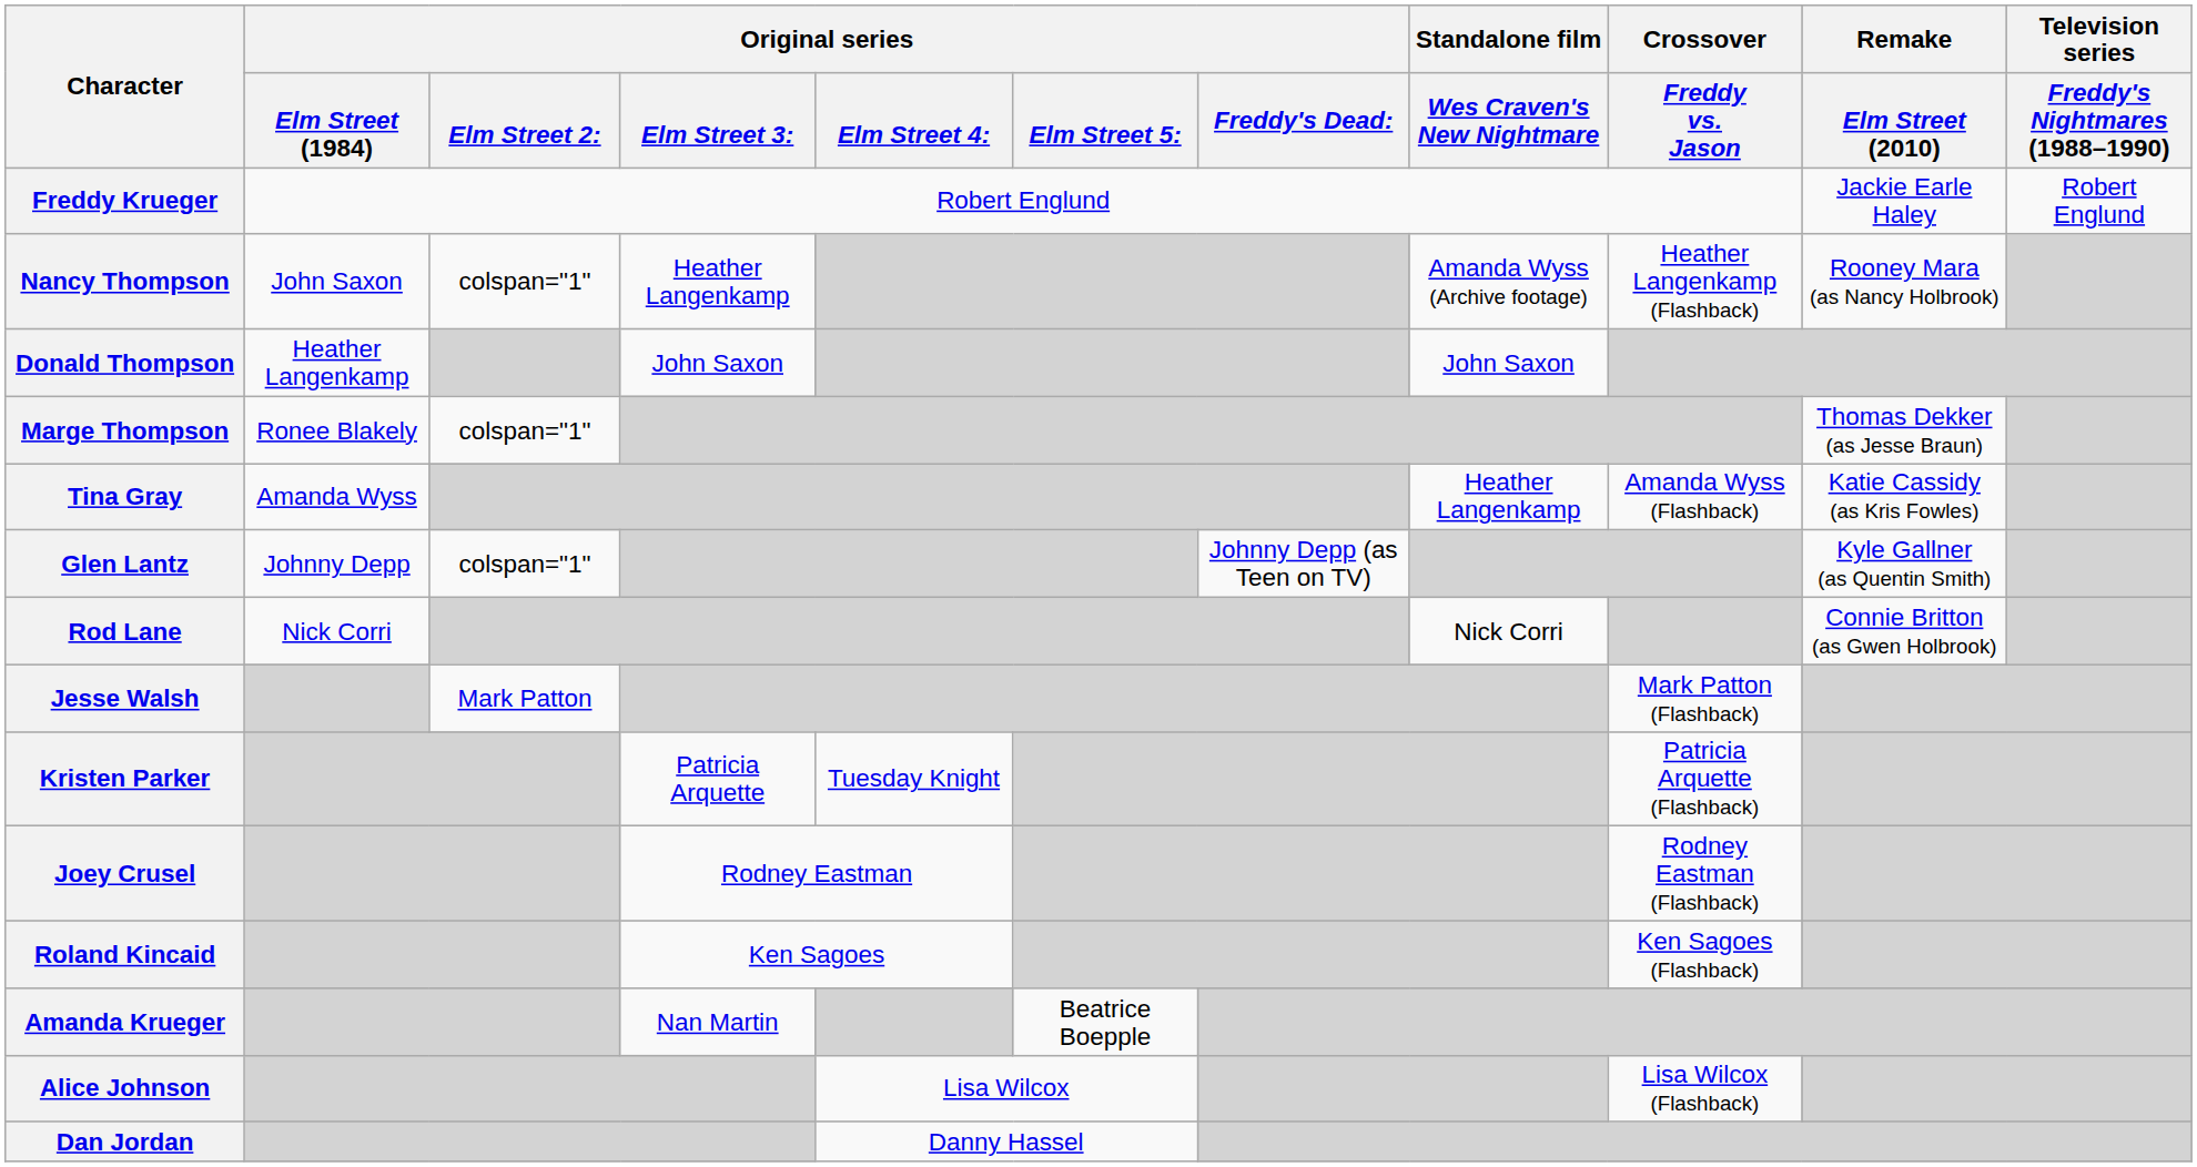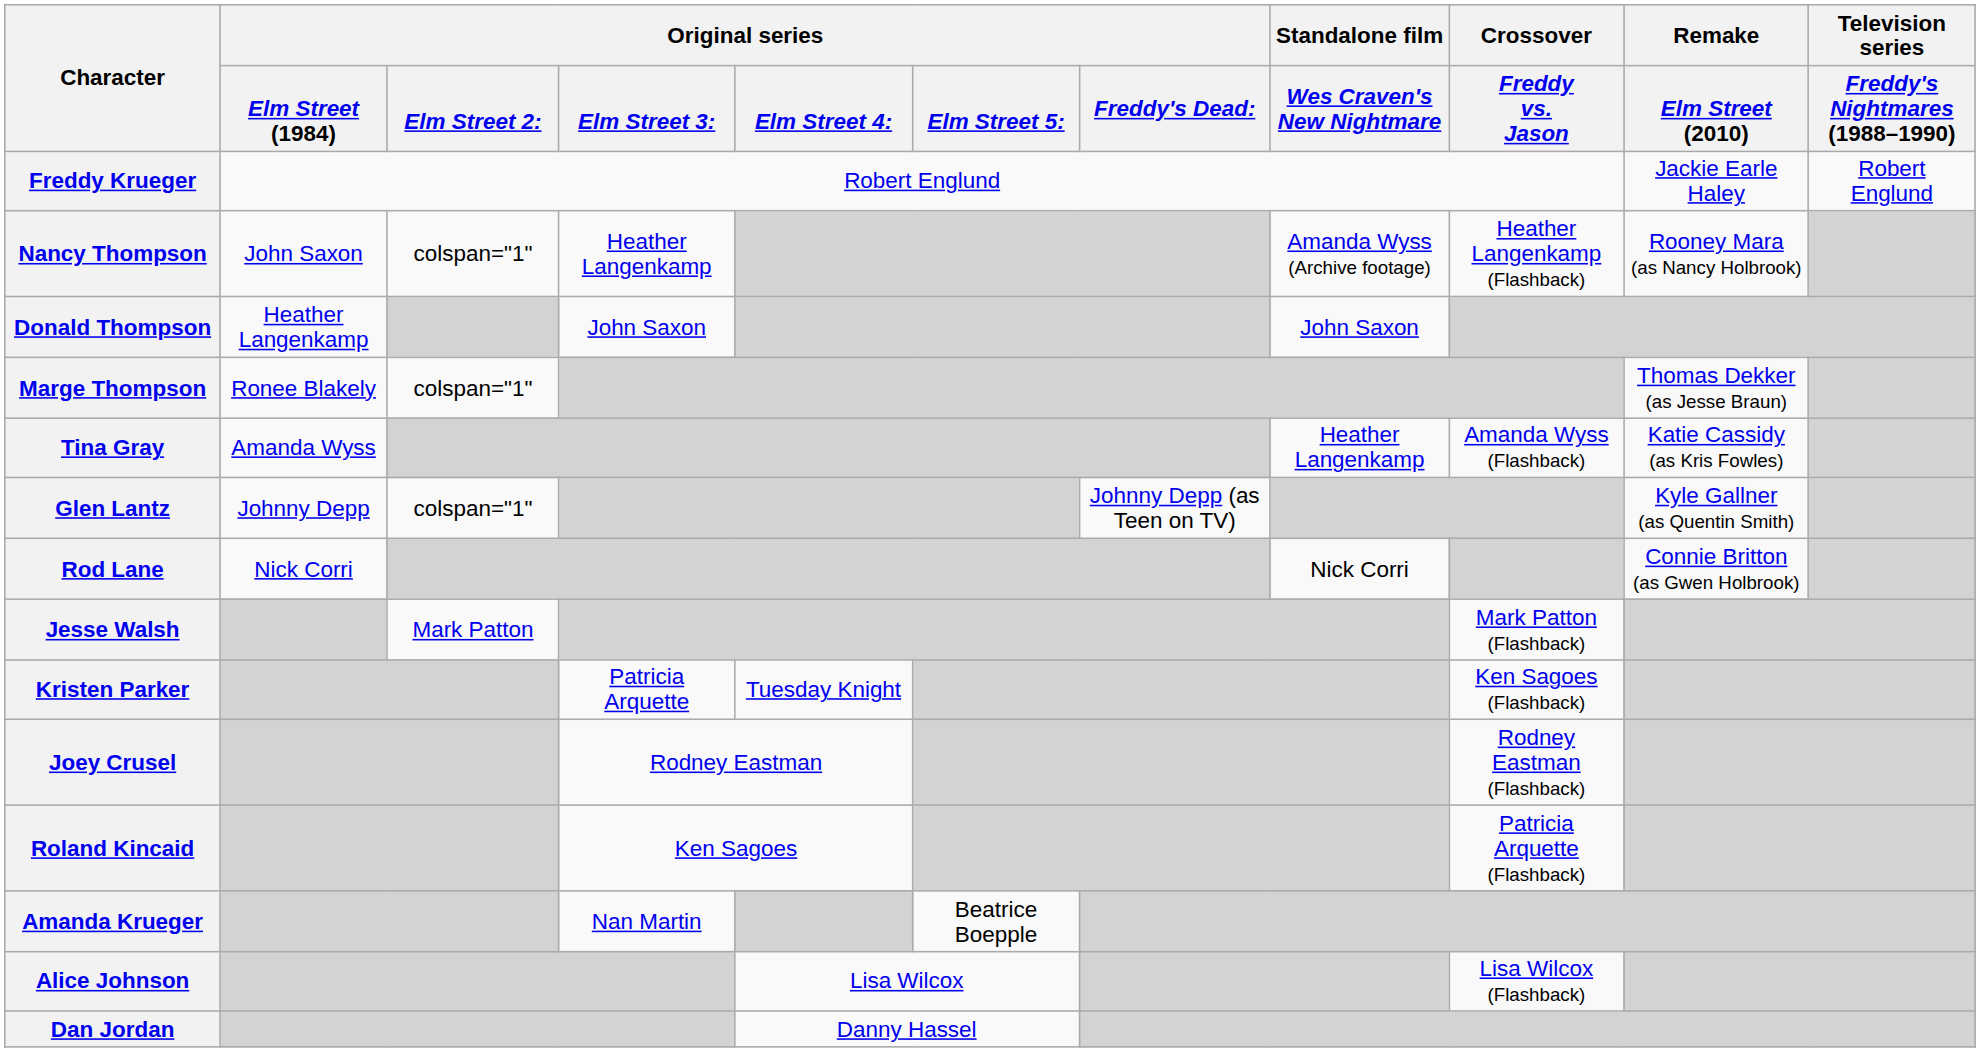 <table class="wikitable" style="text-align:center; width:100%; font-size:90%">
 <tr>
 <th rowspan="2" width="8.75%">Character</th>
 <th colspan="6" align="center">Original series</th>
 <th colspan="1" align="center">Standalone film</th>
 <th colspan="1" align="center">Crossover</th>
 <th colspan="1" align="center">Remake</th>
 <th align="center">Television series</th>
 </tr>
 <tr>
 <th align="center" width="5.25%"><em><a href='#'><br>Elm Street</a></em><br>(1984)</th>
 <th align="center" width="7.00%"><em><a href='#'><br>Elm Street 2:<br></a></em></th>
 <th align="center" width="7.00%"><em><a href='#'><br>Elm Street 3:<br></a></em></th>
 <th align="center" width="7.25%"><em><a href='#'><br>Elm Street 4:<br></a></em></th>
 <th align="center" width="6.75%"><em><a href='#'><br>Elm Street 5:<br></a></em></th>
 <th align="center" width="7.75%"><em><a href='#'>Freddy's Dead:<br></a></em></th>
 <th align="center" width="7.25%"><em><a href='#'>Wes Craven's<br>New Nightmare</a></em></th>
 <th align="center" width="7.00%"><em><a href='#'>Freddy<br>vs.<br>Jason</a></em></th>
 <th align="center" width="7.50%"><em><a href='#'><br>Elm Street</a></em><br>(2010)</th>
 <th align="center" width="6.50%"><em><a href='#'>Freddy's Nightmares</a></em><br>(1988–1990)</th>
 </tr>
 <tr>
 <th><a href='#'>Freddy Krueger</a></th>
 <td colspan="8"><a href='#'>Robert Englund</a></td>
 <td colspan="1"><a href='#'>Jackie Earle Haley</a></td>
 <td colspan="1"><a href='#'>Robert Englund</a></td>
 </tr>
 <tr>
 <th><a href='#'>Nancy Thompson</a></th>
 <td colspan="1"><a href='#'>John Saxon</a></td>
 <td>colspan="1" </td>
 <td colspan="1"><a href='#'>Heather Langenkamp</a></td>
 <td colspan="3" style="background:#d3d3d3;"></td>
 <td colspan="1"><a href='#'>Amanda Wyss</a><br><small>(Archive footage)</small></td>
 <td colspan="1"><a href='#'>Heather Langenkamp</a><br><small>(Flashback)</small></td>
 <td colspan="1"><a href='#'>Rooney Mara</a><br><small>(as Nancy Holbrook)</small></td>
 <td colspan="1" style="background:#d3d3d3;"></td>
 </tr>
 <tr>
 <th><a href='#'>Donald Thompson</a></th>
 <td colspan="1"><a href='#'>Heather Langenkamp</a></td>
 <td colspan="1" style="background:#d3d3d3;"></td>
 <td colspan="1"><a href='#'>John Saxon</a></td>
 <td colspan="3" style="background:#d3d3d3;"></td>
 <td colspan="1"><a href='#'>John Saxon</a></td>
 <td colspan="3" style="background:#d3d3d3;"></td>
 </tr>
 <tr>
 <th><a href='#'>Marge Thompson</a></th>
 <td colspan="1"><a href='#'>Ronee Blakely</a></td>
 <td>colspan="1" </td>
 <td colspan="6" style="background:#d3d3d3;"></td>
 <td colspan="1"><a href='#'>Thomas Dekker</a><br><small>(as Jesse Braun)</small></td>
 <td colspan="3" style="background:#d3d3d3;"></td>
 </tr>
 <tr>
 <th><a href='#'>Tina Gray</a></th>
 <td colspan="1"><a href='#'>Amanda Wyss</a></td>
 <td colspan="5" style="background:#d3d3d3;"></td>
 <td colspan="1"><a href='#'>Heather Langenkamp</a></td>
 <td colspan="1"><a href='#'>Amanda Wyss</a><br><small>(Flashback)</small></td>
 <td colspan="1"><a href='#'>Katie Cassidy</a><br><small>(as Kris Fowles)</small></td>
 <td colspan="1" style="background:#d3d3d3;"></td>
 </tr>
 <tr>
 <th><a href='#'>Glen Lantz</a></th>
 <td colspan="1"><a href='#'>Johnny Depp</a></td>
 <td>colspan="1" </td>
 <td colspan="3" style="background:#d3d3d3;"></td>
 <td colspan="1"><a href='#'>Johnny Depp</a> (as Teen on TV)</td>
 <td colspan="2" style="background:#d3d3d3;"></td>
 <td colspan="1"><a href='#'>Kyle Gallner</a><br><small>(as Quentin Smith)</small></td>
 <td colspan="4" style="background:#d3d3d3;"></td>
 </tr>
 <tr>
 <th><a href='#'>Rod Lane</a></th>
 <td colspan="1"><a href='#'>Nick Corri</a></td>
 <td colspan="5" style="background:#d3d3d3;"></td>
 <td colspan="1">Nick Corri</td>
 <td colspan="1" style="background:#d3d3d3;"></td>
 <td colspan="1"><a href='#'>Connie Britton</a><br><small>(as Gwen Holbrook)</small></td>
 <td colspan="4" style="background:#d3d3d3;"></td>
 </tr>
 <tr>
 <th><a href='#'>Jesse Walsh</a></th>
 <td colspan="1" style="background:#d3d3d3;"></td>
 <td colspan="1"><a href='#'>Mark Patton</a></td>
 <td colspan="5" style="background:#d3d3d3;"></td>
 <td colspan="1"><a href='#'>Mark Patton</a><br><small>(Flashback)</small></td>
 <td colspan="2" style="background:#d3d3d3;"></td>
 </tr>
 <tr>
 <th><a href='#'>Kristen Parker</a></th>
 <td colspan="2" style="background:#d3d3d3;"></td>
 <td colspan="1"><a href='#'>Patricia Arquette</a></td>
 <td colspan="1"><a href='#'>Tuesday Knight</a></td>
 <td colspan="3" style="background:#d3d3d3;"></td>
-<td colspan="1"><a href='#'>Patricia Arquette</a><br><small>(Flashback)</small></td>
+<td colspan="1"><a href='#'>Ken Sagoes</a><br><small>(Flashback)</small></td>
 <td colspan="2" style="background:#d3d3d3;"></td>
 </tr>
 <tr>
 <th><a href='#'>Joey Crusel</a></th>
 <td colspan="2" style="background:#d3d3d3;"></td>
 <td colspan="2"><a href='#'>Rodney Eastman</a></td>
 <td colspan="3" style="background:#d3d3d3;"></td>
 <td colspan="1"><a href='#'>Rodney Eastman</a><br><small>(Flashback)</small></td>
 <td colspan="2" style="background:#d3d3d3;"></td>
 </tr>
 <tr>
 <th><a href='#'>Roland Kincaid</a></th>
 <td colspan="2" style="background:#d3d3d3;"></td>
 <td colspan="2"><a href='#'>Ken Sagoes</a></td>
 <td colspan="3" style="background:#d3d3d3;"></td>
-<td colspan="1"><a href='#'>Ken Sagoes</a><br><small>(Flashback)</small></td>
+<td colspan="1"><a href='#'>Patricia Arquette</a><br><small>(Flashback)</small></td>
 <td colspan="2" style="background:#d3d3d3;"></td>
 </tr>
 <tr>
 <th><a href='#'>Amanda Krueger</a></th>
 <td colspan="2" style="background:#d3d3d3;"></td>
 <td colspan="1"><a href='#'>Nan Martin</a></td>
 <td colspan="1" style="background:#d3d3d3;"></td>
 <td colspan="1">Beatrice Boepple</td>
 <td colspan="5" style="background:#d3d3d3;"></td>
 </tr>
 <tr>
 <th><a href='#'>Alice Johnson</a></th>
 <td colspan="3" style="background:#d3d3d3;"></td>
 <td colspan="2"><a href='#'>Lisa Wilcox</a></td>
 <td colspan="2" style="background:#d3d3d3;"></td>
 <td colspan="1"><a href='#'>Lisa Wilcox</a><br><small>(Flashback)</small></td>
 <td colspan="4" style="background:#d3d3d3;"></td>
 </tr>
 <tr>
 <th><a href='#'>Dan Jordan</a></th>
 <td colspan="3" style="background:#d3d3d3;"></td>
 <td colspan="2"><a href='#'>Danny Hassel</a></td>
 <td colspan="5" style="background:#d3d3d3;"></td>
 </tr>
 </table>
